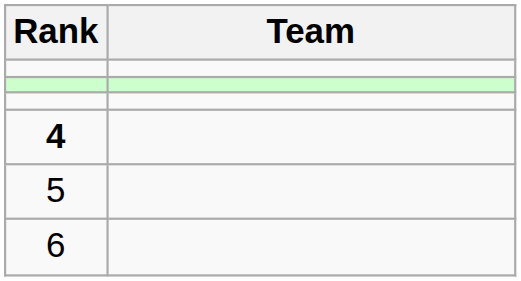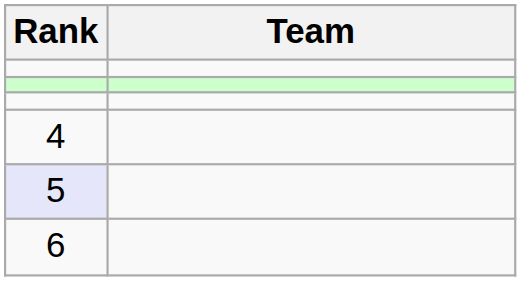 <table class=wikitable style="text-align:center;">
 <tr>
 <th>Rank</th>
 <th width=180>Team</th>
 </tr>
 <tr>
 <td></td>
 <td align=left></td>
 </tr>
 <tr bgcolor=#CCFFCC>
 <td></td>
 <td align=left></td>
 </tr>
 <tr>
 <td></td>
 <td align=left></td>
 </tr>
 <tr>
-<td><strong>4</strong></td>
+<td>4</td>
 <td align=left></td>
 </tr>
 <tr>
-<td>5</td>
+<td style="background: lavender;">5</td>
 <td align=left></td>
 </tr>
 <tr>
 <td>6</td>
 <td align=left></td>
 </tr>
 </table>
